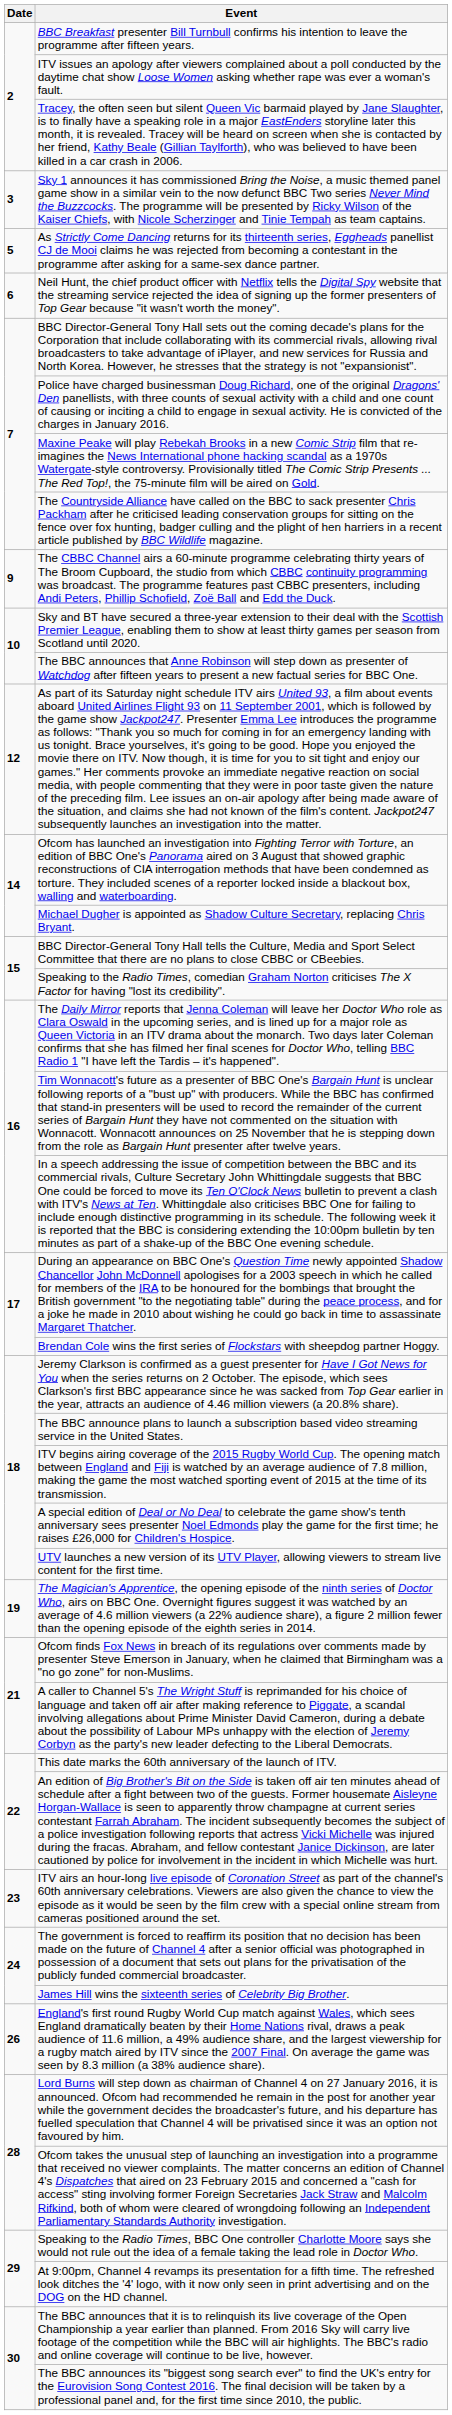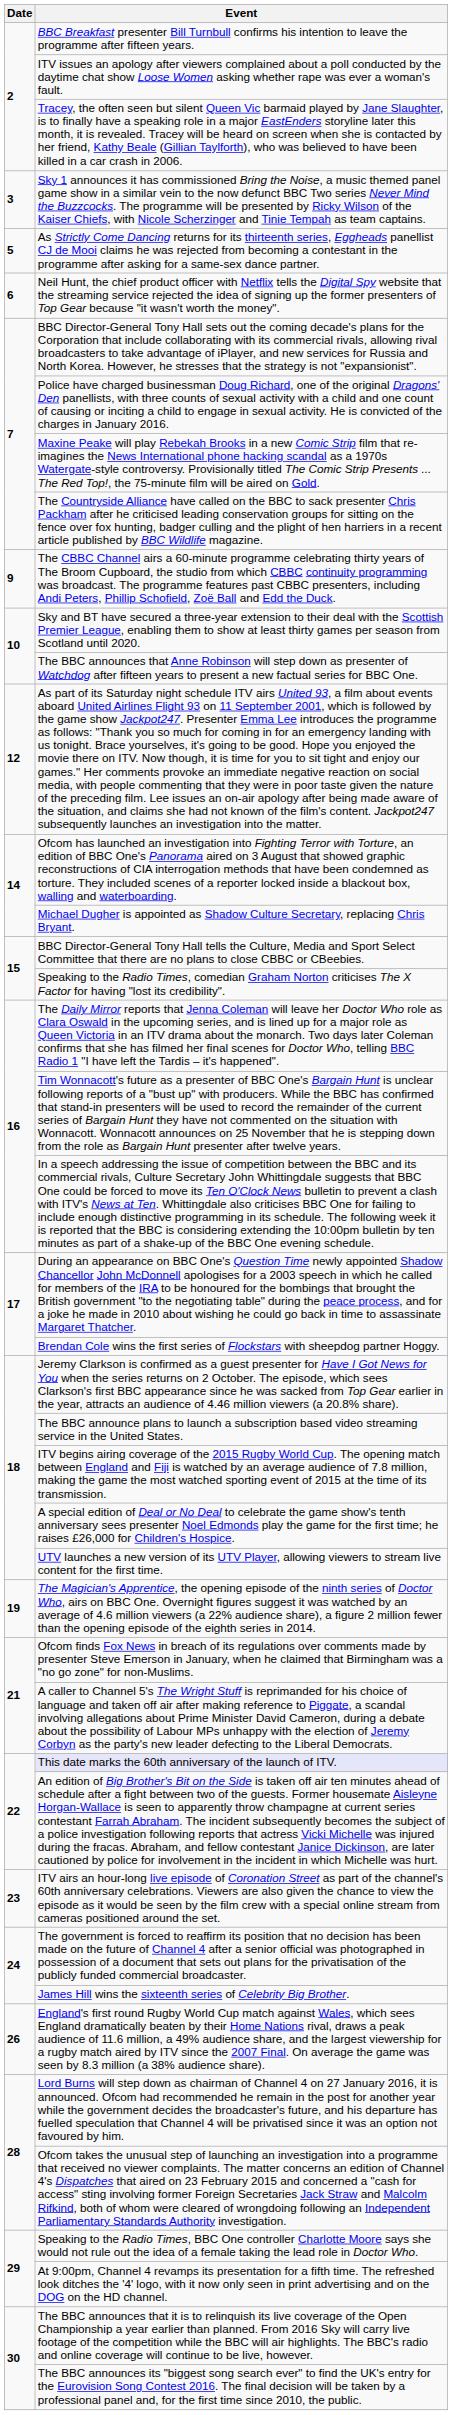 <table class="wikitable">
 <tr>
 <th>Date</th>
 <th>Event</th>
 </tr>
 <tr>
 <td rowspan=3><strong>2</strong></td>
 <td><em><a href='#'>BBC Breakfast</a></em> presenter <a href='#'>Bill Turnbull</a> confirms his intention to leave the programme after fifteen years.</td>
 </tr>
 <tr>
 <td>ITV issues an apology after viewers complained about a poll conducted by the daytime chat show <em><a href='#'>Loose Women</a></em> asking whether rape was ever a woman's fault.</td>
 </tr>
 <tr>
 <td><a href='#'>Tracey</a>, the often seen but silent <a href='#'>Queen Vic</a> barmaid played by <a href='#'>Jane Slaughter</a>, is to finally have a speaking role in a major <em><a href='#'>EastEnders</a></em> storyline later this month, it is revealed. Tracey will be heard on screen when she is contacted by her friend, <a href='#'>Kathy Beale</a> (<a href='#'>Gillian Taylforth</a>), who was believed to have been killed in a car crash in 2006.</td>
 </tr>
 <tr>
 <td><strong>3</strong></td>
 <td><a href='#'>Sky 1</a> announces it has commissioned <em>Bring the Noise</em>, a music themed panel game show in a similar vein to the now defunct BBC Two series <em><a href='#'>Never Mind the Buzzcocks</a></em>. The programme will be presented by <a href='#'>Ricky Wilson</a> of the <a href='#'>Kaiser Chiefs</a>, with <a href='#'>Nicole Scherzinger</a> and <a href='#'>Tinie Tempah</a> as team captains.</td>
 </tr>
 <tr>
 <td><strong>5</strong></td>
 <td>As <em><a href='#'>Strictly Come Dancing</a></em> returns for its <a href='#'>thirteenth series</a>, <em><a href='#'>Eggheads</a></em> panellist <a href='#'>CJ de Mooi</a> claims he was rejected from becoming a contestant in the programme after asking for a same-sex dance partner.</td>
 </tr>
 <tr>
 <td><strong>6</strong></td>
 <td>Neil Hunt, the chief product officer with <a href='#'>Netflix</a> tells the <em><a href='#'>Digital Spy</a></em> website that the streaming service rejected the idea of signing up the former presenters of <em>Top Gear</em> because "it wasn't worth the money".</td>
 </tr>
 <tr>
 <td rowspan=4><strong>7</strong></td>
 <td>BBC Director-General Tony Hall sets out the coming decade's plans for the Corporation that include collaborating with its commercial rivals, allowing rival broadcasters to take advantage of iPlayer, and new services for Russia and North Korea. However, he stresses that the strategy is not "expansionist".</td>
 </tr>
 <tr>
 <td>Police have charged businessman <a href='#'>Doug Richard</a>, one of the original <em><a href='#'>Dragons' Den</a></em> panellists, with three counts of sexual activity with a child and one count of causing or inciting a child to engage in sexual activity. He is convicted of the charges in January 2016.</td>
 </tr>
 <tr>
 <td><a href='#'>Maxine Peake</a> will play <a href='#'>Rebekah Brooks</a> in a new <em><a href='#'>Comic Strip</a></em> film that re-imagines the <a href='#'>News International phone hacking scandal</a> as a 1970s <a href='#'>Watergate</a>-style controversy. Provisionally titled <em>The Comic Strip Presents ... The Red Top!</em>, the 75-minute film will be aired on <a href='#'>Gold</a>.</td>
 </tr>
 <tr>
 <td>The <a href='#'>Countryside Alliance</a> have called on the BBC to sack presenter <a href='#'>Chris Packham</a> after he criticised leading conservation groups for sitting on the fence over fox hunting, badger culling and the plight of hen harriers in a recent article published by <em><a href='#'>BBC Wildlife</a></em> magazine.</td>
 </tr>
 <tr>
 <td><strong>9</strong></td>
 <td>The <a href='#'>CBBC Channel</a> airs a 60-minute programme celebrating thirty years of The Broom Cupboard, the studio from which <a href='#'>CBBC</a> <a href='#'>continuity programming</a> was broadcast. The programme features past CBBC presenters, including <a href='#'>Andi Peters</a>, <a href='#'>Phillip Schofield</a>, <a href='#'>Zoë Ball</a> and <a href='#'>Edd the Duck</a>.</td>
 </tr>
 <tr>
 <td rowspan=2><strong>10</strong></td>
 <td>Sky and BT have secured a three-year extension to their deal with the <a href='#'>Scottish Premier League</a>, enabling them to show at least thirty games per season from Scotland until 2020.</td>
 </tr>
 <tr>
 <td>The BBC announces that <a href='#'>Anne Robinson</a> will step down as presenter of <em><a href='#'>Watchdog</a></em> after fifteen years to present a new factual series for BBC One.</td>
 </tr>
 <tr>
 <td><strong>12</strong></td>
 <td>As part of its Saturday night schedule ITV airs <em><a href='#'>United 93</a></em>, a film about events aboard <a href='#'>United Airlines Flight 93</a> on <a href='#'>11 September 2001</a>, which is followed by the game show <em><a href='#'>Jackpot247</a></em>. Presenter <a href='#'>Emma Lee</a> introduces the programme as follows: "Thank you so much for coming in for an emergency landing with us tonight. Brace yourselves, it's going to be good. Hope you enjoyed the movie there on ITV. Now though, it is time for you to sit tight and enjoy our games." Her comments provoke an immediate negative reaction on social media, with people commenting that they were in poor taste given the nature of the preceding film. Lee issues an on-air apology after being made aware of the situation, and claims she had not known of the film's content. <em>Jackpot247</em> subsequently launches an investigation into the matter.</td>
 </tr>
 <tr>
 <td rowspan=2><strong>14</strong></td>
 <td>Ofcom has launched an investigation into <em>Fighting Terror with Torture</em>, an edition of BBC One's <em><a href='#'>Panorama</a></em> aired on 3 August that showed graphic reconstructions of CIA interrogation methods that have been condemned as torture. They included scenes of a reporter locked inside a blackout box, <a href='#'>walling</a> and <a href='#'>waterboarding</a>.</td>
 </tr>
 <tr>
 <td><a href='#'>Michael Dugher</a> is appointed as <a href='#'>Shadow Culture Secretary</a>, replacing <a href='#'>Chris Bryant</a>.</td>
 </tr>
 <tr>
 <td rowspan=2><strong>15</strong></td>
 <td>BBC Director-General Tony Hall tells the Culture, Media and Sport Select Committee that there are no plans to close CBBC or CBeebies.</td>
 </tr>
 <tr>
 <td>Speaking to the <em>Radio Times</em>, comedian <a href='#'>Graham Norton</a> criticises <em>The X Factor</em> for having "lost its credibility".</td>
 </tr>
 <tr>
 <td rowspan=3><strong>16</strong></td>
 <td>The <em><a href='#'>Daily Mirror</a></em> reports that <a href='#'>Jenna Coleman</a> will leave her <em>Doctor Who</em> role as <a href='#'>Clara Oswald</a> in the upcoming series, and is lined up for a major role as <a href='#'>Queen Victoria</a> in an ITV drama about the monarch. Two days later Coleman confirms that she has filmed her final scenes for <em>Doctor Who</em>, telling <a href='#'>BBC Radio 1</a> "I have left the Tardis – it's happened".</td>
 </tr>
 <tr>
 <td><a href='#'>Tim Wonnacott</a>'s future as a presenter of BBC One's <em><a href='#'>Bargain Hunt</a></em> is unclear following reports of a "bust up" with producers. While the BBC has confirmed that stand-in presenters will be used to record the remainder of the current series of <em>Bargain Hunt</em> they have not commented on the situation with Wonnacott. Wonnacott announces on 25 November that he is stepping down from the role as <em>Bargain Hunt</em> presenter after twelve years.</td>
 </tr>
 <tr>
 <td>In a speech addressing the issue of competition between the BBC and its commercial rivals, Culture Secretary John Whittingdale suggests that BBC One could be forced to move its <em><a href='#'>Ten O'Clock News</a></em> bulletin to prevent a clash with ITV's <em><a href='#'>News at Ten</a></em>. Whittingdale also criticises BBC One for failing to include enough distinctive programming in its schedule. The following week it is reported that the BBC is considering extending the 10:00pm bulletin by ten minutes as part of a shake-up of the BBC One evening schedule.</td>
 </tr>
 <tr>
 <td rowspan=2><strong>17</strong></td>
 <td>During an appearance on BBC One's <em><a href='#'>Question Time</a></em> newly appointed <a href='#'>Shadow Chancellor</a> <a href='#'>John McDonnell</a> apologises for a 2003 speech in which he called for members of the <a href='#'>IRA</a> to be honoured for the bombings that brought the British government "to the negotiating table" during the <a href='#'>peace process</a>, and for a joke he made in 2010 about wishing he could go back in time to assassinate <a href='#'>Margaret Thatcher</a>.</td>
 </tr>
 <tr>
 <td><a href='#'>Brendan Cole</a> wins the first series of <em><a href='#'>Flockstars</a></em> with sheepdog partner Hoggy.</td>
 </tr>
 <tr>
 <td rowspan=5><strong>18</strong></td>
 <td>Jeremy Clarkson is confirmed as a guest presenter for <em><a href='#'>Have I Got News for You</a></em> when the series returns on 2 October. The episode, which sees Clarkson's first BBC appearance since he was sacked from <em>Top Gear</em> earlier in the year, attracts an audience of 4.46 million viewers (a 20.8% share).</td>
 </tr>
 <tr>
 <td>The BBC announce plans to launch a subscription based video streaming service in the United States.</td>
 </tr>
 <tr>
 <td>ITV begins airing coverage of the <a href='#'>2015 Rugby World Cup</a>. The opening match between <a href='#'>England</a> and <a href='#'>Fiji</a> is watched by an average audience of 7.8 million, making the game the most watched sporting event of 2015 at the time of its transmission.</td>
 </tr>
 <tr>
 <td>A special edition of <em><a href='#'>Deal or No Deal</a></em> to celebrate the game show's tenth anniversary sees presenter <a href='#'>Noel Edmonds</a> play the game for the first time; he raises £26,000 for <a href='#'>Children's Hospice</a>.</td>
 </tr>
 <tr>
 <td><a href='#'>UTV</a> launches a new version of its <a href='#'>UTV Player</a>, allowing viewers to stream live content for the first time.</td>
 </tr>
 <tr>
 <td><strong>19</strong></td>
 <td><em><a href='#'>The Magician's Apprentice</a></em>, the opening episode of the <a href='#'>ninth series</a> of <em><a href='#'>Doctor Who</a></em>, airs on BBC One. Overnight figures suggest it was watched by an average of 4.6 million viewers (a 22% audience share), a figure 2 million fewer than the opening episode of the eighth series in 2014.</td>
 </tr>
 <tr>
 <td rowspan=2><strong>21</strong></td>
 <td>Ofcom finds <a href='#'>Fox News</a> in breach of its regulations over comments made by presenter Steve Emerson in January, when he claimed that Birmingham was a "no go zone" for non-Muslims.</td>
 </tr>
 <tr>
 <td>A caller to Channel 5's <em><a href='#'>The Wright Stuff</a></em> is reprimanded for his choice of language and taken off air after making reference to <a href='#'>Piggate</a>, a scandal involving allegations about Prime Minister David Cameron, during a debate about the possibility of Labour MPs unhappy with the election of <a href='#'>Jeremy Corbyn</a> as the party's new leader defecting to the Liberal Democrats.</td>
 </tr>
 <tr>
 <td rowspan=2><strong>22</strong></td>
-<td>This date marks the 60th anniversary of the launch of ITV.</td>
+<td style="background: lavender;">This date marks the 60th anniversary of the launch of ITV.</td>
 </tr>
 <tr>
 <td>An edition of <em><a href='#'>Big Brother's Bit on the Side</a></em> is taken off air ten minutes ahead of schedule after a fight between two of the guests. Former housemate <a href='#'>Aisleyne Horgan-Wallace</a> is seen to apparently throw champagne at current series contestant <a href='#'>Farrah Abraham</a>. The incident subsequently becomes the subject of a police investigation following reports that actress <a href='#'>Vicki Michelle</a> was injured during the fracas. Abraham, and fellow contestant <a href='#'>Janice Dickinson</a>, are later cautioned by police for involvement in the incident in which Michelle was hurt.</td>
 </tr>
 <tr>
 <td><strong>23</strong></td>
 <td>ITV airs an hour-long <a href='#'>live episode</a> of <em><a href='#'>Coronation Street</a></em> as part of the channel's 60th anniversary celebrations. Viewers are also given the chance to view the episode as it would be seen by the film crew with a special online stream from cameras positioned around the set.</td>
 </tr>
 <tr>
 <td rowspan=2><strong>24</strong></td>
 <td>The government is forced to reaffirm its position that no decision has been made on the future of <a href='#'>Channel 4</a> after a senior official was photographed in possession of a document that sets out plans for the privatisation of the publicly funded commercial broadcaster.</td>
 </tr>
 <tr>
 <td><a href='#'>James Hill</a> wins the <a href='#'>sixteenth series</a> of <em><a href='#'>Celebrity Big Brother</a></em>.</td>
 </tr>
 <tr>
 <td><strong>26</strong></td>
 <td><a href='#'>England</a>'s first round Rugby World Cup match against <a href='#'>Wales</a>, which sees England dramatically beaten by their <a href='#'>Home Nations</a> rival, draws a peak audience of 11.6 million, a 49% audience share, and the largest viewership for a rugby match aired by ITV since the <a href='#'>2007 Final</a>. On average the game was seen by 8.3 million (a 38% audience share).</td>
 </tr>
 <tr>
 <td rowspan=2><strong>28</strong></td>
 <td><a href='#'>Lord Burns</a> will step down as chairman of Channel 4 on 27 January 2016, it is announced. Ofcom had recommended he remain in the post for another year while the government decides the broadcaster's future, and his departure has fuelled speculation that Channel 4 will be privatised since it was an option not favoured by him.</td>
 </tr>
 <tr>
 <td>Ofcom takes the unusual step of launching an investigation into a programme that received no viewer complaints. The matter concerns an edition of Channel 4's <em><a href='#'>Dispatches</a></em> that aired on 23 February 2015 and concerned a "cash for access" sting involving former Foreign Secretaries <a href='#'>Jack Straw</a> and <a href='#'>Malcolm Rifkind</a>, both of whom were cleared of wrongdoing following an <a href='#'>Independent Parliamentary Standards Authority</a> investigation.</td>
 </tr>
 <tr>
 <td rowspan=2><strong>29</strong></td>
 <td>Speaking to the <em>Radio Times</em>, BBC One controller <a href='#'>Charlotte Moore</a> says she would not rule out the idea of a female taking the lead role in <em>Doctor Who</em>.</td>
 </tr>
 <tr>
 <td>At 9:00pm, Channel 4 revamps its presentation for a fifth time. The refreshed look ditches the '4' logo, with it now only seen in print advertising and on the <a href='#'>DOG</a> on the HD channel.</td>
 </tr>
 <tr>
 <td rowspan=2><strong>30</strong></td>
 <td>The BBC announces that it is to relinquish its live coverage of the Open Championship a year earlier than planned. From 2016 Sky will carry live footage of the competition while the BBC will air highlights. The BBC's radio and online coverage will continue to be live, however.</td>
 </tr>
 <tr>
 <td>The BBC announces its "biggest song search ever" to find the UK's entry for the <a href='#'>Eurovision Song Contest 2016</a>. The final decision will be taken by a professional panel and, for the first time since 2010, the public.</td>
 </tr>
 </table>
